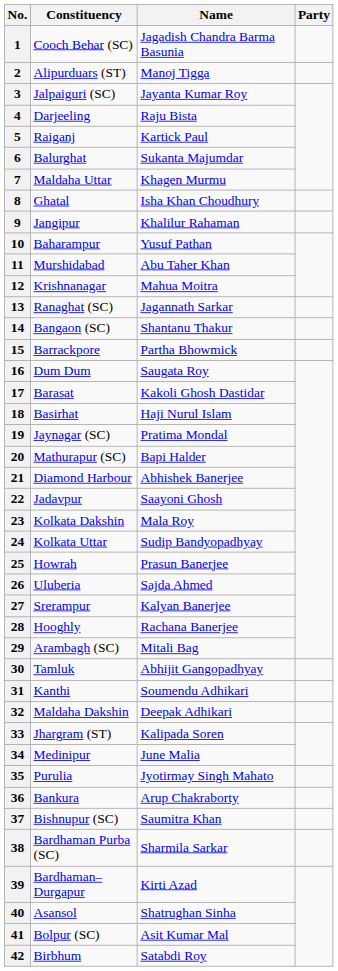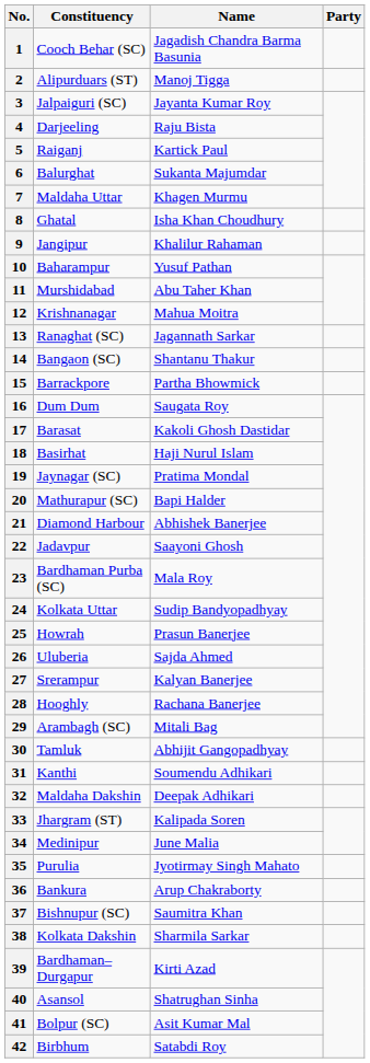 <table class="sortable wikitable">
 <tr>
 <th>No.</th>
 <th style="width:120px">Constituency</th>
 <th style="width:180px">Name</th>
 <th colspan=2>Party</th>
 </tr>
 <tr>
 <th>1</th>
 <td><a href='#'>Cooch Behar</a> (SC)</td>
 <td><a href='#'>Jagadish Chandra Barma Basunia</a></td>
 <td></td>
 </tr>
 <tr>
 <th>2</th>
 <td><a href='#'>Alipurduars</a> (ST)</td>
 <td><a href='#'>Manoj Tigga</a></td>
 <td></td>
 </tr>
 <tr>
 <th>3</th>
 <td><a href='#'>Jalpaiguri</a> (SC)</td>
 <td><a href='#'>Jayanta Kumar Roy</a></td>
 </tr>
 <tr>
 <th>4</th>
 <td><a href='#'>Darjeeling</a></td>
 <td><a href='#'>Raju Bista</a></td>
 </tr>
 <tr>
 <th>5</th>
 <td><a href='#'>Raiganj</a></td>
 <td><a href='#'>Kartick Paul</a></td>
 </tr>
 <tr>
 <th>6</th>
 <td><a href='#'>Balurghat</a></td>
 <td><a href='#'>Sukanta Majumdar</a></td>
 </tr>
 <tr>
 <th>7</th>
 <td><a href='#'>Maldaha Uttar</a></td>
 <td><a href='#'>Khagen Murmu</a></td>
 </tr>
 <tr>
 <th>8</th>
 <td><a href='#'>Ghatal</a></td>
 <td><a href='#'>Isha Khan Choudhury</a></td>
 <td></td>
 </tr>
 <tr>
 <th>9</th>
 <td><a href='#'>Jangipur</a></td>
 <td><a href='#'>Khalilur Rahaman</a></td>
 <td></td>
 </tr>
 <tr>
 <th>10</th>
 <td><a href='#'>Baharampur</a></td>
 <td><a href='#'>Yusuf Pathan</a></td>
 </tr>
 <tr>
 <th>11</th>
 <td><a href='#'>Murshidabad</a></td>
 <td><a href='#'>Abu Taher Khan</a></td>
 </tr>
 <tr>
 <th>12</th>
 <td><a href='#'>Krishnanagar</a></td>
 <td><a href='#'>Mahua Moitra</a></td>
 </tr>
 <tr>
 <th>13</th>
 <td><a href='#'>Ranaghat</a> (SC)</td>
 <td><a href='#'>Jagannath Sarkar</a></td>
 <td></td>
 </tr>
 <tr>
 <th>14</th>
 <td><a href='#'>Bangaon</a> (SC)</td>
 <td><a href='#'>Shantanu Thakur</a></td>
 </tr>
 <tr>
 <th>15</th>
 <td><a href='#'>Barrackpore</a></td>
 <td><a href='#'>Partha Bhowmick</a></td>
 <td></td>
 </tr>
 <tr>
 <th>16</th>
 <td><a href='#'>Dum Dum</a></td>
 <td><a href='#'>Saugata Roy</a></td>
 </tr>
 <tr>
 <th>17</th>
 <td><a href='#'>Barasat</a></td>
 <td><a href='#'>Kakoli Ghosh Dastidar</a></td>
 </tr>
 <tr>
 <th>18</th>
 <td><a href='#'>Basirhat</a></td>
 <td><a href='#'>Haji Nurul Islam</a></td>
 </tr>
 <tr>
 <th>19</th>
 <td><a href='#'>Jaynagar</a> (SC)</td>
 <td><a href='#'>Pratima Mondal</a></td>
 </tr>
 <tr>
 <th>20</th>
 <td><a href='#'>Mathurapur</a> (SC)</td>
 <td><a href='#'>Bapi Halder</a></td>
 </tr>
 <tr>
 <th>21</th>
 <td><a href='#'>Diamond Harbour</a></td>
 <td><a href='#'>Abhishek Banerjee</a></td>
 </tr>
 <tr>
 <th>22</th>
 <td><a href='#'>Jadavpur</a></td>
 <td><a href='#'>Saayoni Ghosh</a></td>
 </tr>
 <tr>
 <th>23</th>
-<td><a href='#'>Kolkata Dakshin</a></td>
+<td><a href='#'>Bardhaman Purba</a> (SC)</td>
 <td><a href='#'>Mala Roy</a></td>
 </tr>
 <tr>
 <th>24</th>
 <td><a href='#'>Kolkata Uttar</a></td>
 <td><a href='#'>Sudip Bandyopadhyay</a></td>
 </tr>
 <tr>
 <th>25</th>
 <td><a href='#'>Howrah</a></td>
 <td><a href='#'>Prasun Banerjee</a></td>
 </tr>
 <tr>
 <th>26</th>
 <td><a href='#'>Uluberia</a></td>
 <td><a href='#'>Sajda Ahmed</a></td>
 </tr>
 <tr>
 <th>27</th>
 <td><a href='#'>Srerampur</a></td>
 <td><a href='#'>Kalyan Banerjee</a></td>
 </tr>
 <tr>
 <th>28</th>
 <td><a href='#'>Hooghly</a></td>
 <td><a href='#'>Rachana Banerjee</a></td>
 </tr>
 <tr>
 <th>29</th>
 <td><a href='#'>Arambagh</a> (SC)</td>
 <td><a href='#'>Mitali Bag</a></td>
 </tr>
 <tr>
 <th>30</th>
 <td><a href='#'>Tamluk</a></td>
 <td><a href='#'>Abhijit Gangopadhyay</a></td>
 <td></td>
 </tr>
 <tr>
 <th>31</th>
 <td><a href='#'>Kanthi</a></td>
 <td><a href='#'>Soumendu Adhikari</a></td>
 </tr>
 <tr>
 <th>32</th>
 <td><a href='#'>Maldaha Dakshin</a></td>
 <td><a href='#'>Deepak Adhikari</a></td>
 <td></td>
 </tr>
 <tr>
 <th>33</th>
 <td><a href='#'>Jhargram</a> (ST)</td>
 <td><a href='#'>Kalipada Soren</a></td>
 </tr>
 <tr>
 <th>34</th>
 <td><a href='#'>Medinipur</a></td>
 <td><a href='#'>June Malia</a></td>
 </tr>
 <tr>
 <th>35</th>
 <td><a href='#'>Purulia</a></td>
 <td><a href='#'>Jyotirmay Singh Mahato</a></td>
 <td></td>
 </tr>
 <tr>
 <th>36</th>
 <td><a href='#'>Bankura</a></td>
 <td><a href='#'>Arup Chakraborty</a></td>
 <td></td>
 </tr>
 <tr>
 <th>37</th>
 <td><a href='#'>Bishnupur</a> (SC)</td>
 <td><a href='#'>Saumitra Khan</a></td>
 <td></td>
 </tr>
 <tr>
 <th>38</th>
-<td><a href='#'>Bardhaman Purba</a> (SC)</td>
+<td><a href='#'>Kolkata Dakshin</a></td>
 <td><a href='#'>Sharmila Sarkar</a></td>
 <td></td>
 </tr>
 <tr>
 <th>39</th>
 <td><a href='#'>Bardhaman–Durgapur</a></td>
 <td><a href='#'>Kirti Azad</a></td>
 </tr>
 <tr>
 <th>40</th>
 <td><a href='#'>Asansol</a></td>
 <td><a href='#'>Shatrughan Sinha</a></td>
 </tr>
 <tr>
 <th>41</th>
 <td><a href='#'>Bolpur</a> (SC)</td>
 <td><a href='#'>Asit Kumar Mal</a></td>
 </tr>
 <tr>
 <th>42</th>
 <td><a href='#'>Birbhum</a></td>
 <td><a href='#'>Satabdi Roy</a></td>
 </tr>
 </table>
